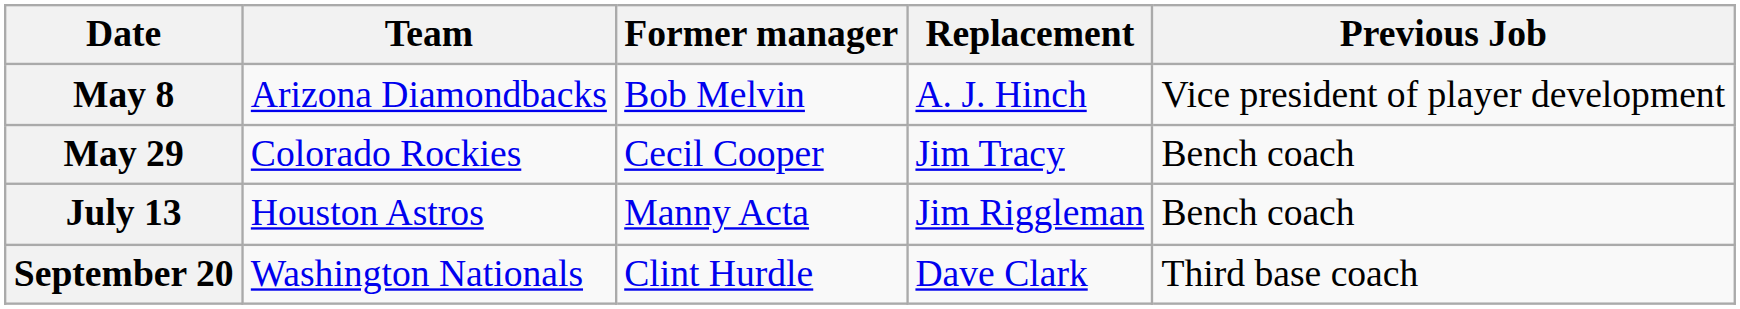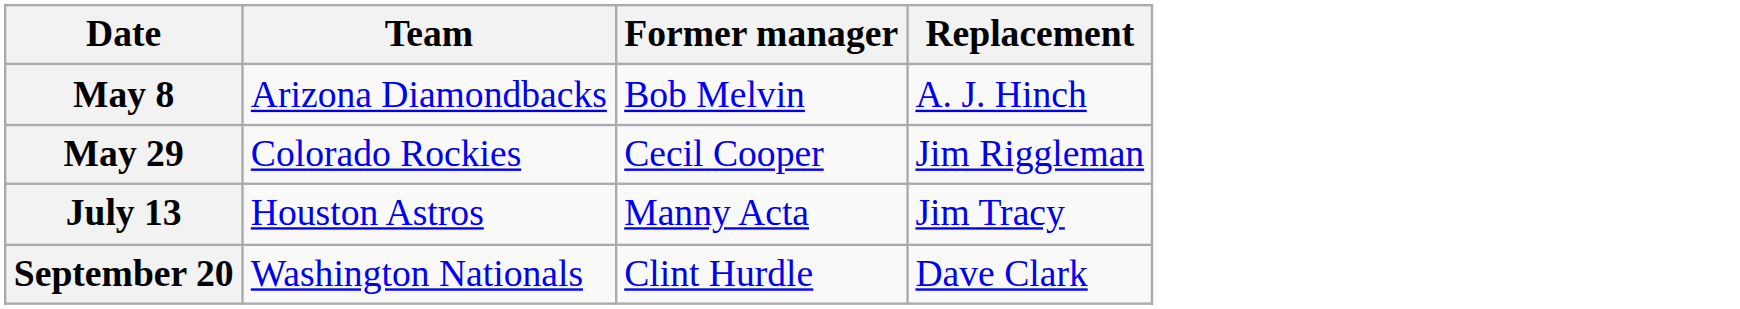 <table class="wikitable" style="font-size=:95%;">
 <tr>
 <th>Date</th>
 <th>Team</th>
 <th>Former manager</th>
 <th>Replacement</th>
-<th>Previous Job</th>
 </tr>
 <tr>
 <th>May 8</th>
 <td><a href='#'>Arizona Diamondbacks</a></td>
 <td><a href='#'>Bob Melvin</a></td>
 <td><a href='#'>A. J. Hinch</a></td>
-<td>Vice president of player development</td>
 </tr>
 <tr>
 <th>May 29</th>
 <td><a href='#'>Colorado Rockies</a></td>
 <td><a href='#'>Cecil Cooper</a></td>
-<td><a href='#'>Jim Tracy</a></td>
-<td>Bench coach</td>
+<td><a href='#'>Jim Riggleman</a></td>
 </tr>
 <tr>
 <th>July 13</th>
 <td><a href='#'>Houston Astros</a></td>
 <td><a href='#'>Manny Acta</a></td>
-<td><a href='#'>Jim Riggleman</a></td>
-<td>Bench coach</td>
+<td><a href='#'>Jim Tracy</a></td>
 </tr>
 <tr>
 <th>September 20</th>
 <td><a href='#'>Washington Nationals</a></td>
 <td><a href='#'>Clint Hurdle</a></td>
 <td><a href='#'>Dave Clark</a></td>
-<td>Third base coach</td>
 </tr>
 </table>
